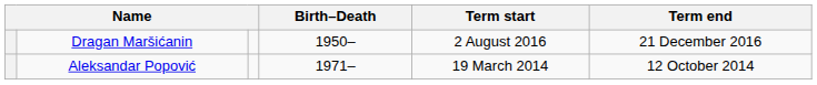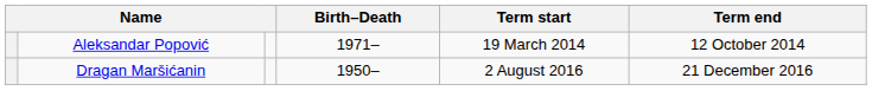 <table class="wikitable collapsible collapsed" style="text-align:center; width:71%; line-height:126%; margin-bottom:0">
 <tr>
 <th colspan="3">Name</th>
 <th>Birth–Death</th>
 <th>Term start</th>
 <th>Term end</th>
 </tr>
 <tr>
 <th style="background:"></th>
+<td><a href='#'>Aleksandar Popović</a></td>
+<td></td>
+<td>1971–</td>
+<td>19 March 2014</td>
+<td>12 October 2014</td>
+</tr>
+<tr>
+<th style="background:"></th>
 <td><a href='#'>Dragan Maršićanin</a></td>
 <td></td>
 <td>1950–</td>
 <td>2 August 2016</td>
 <td>21 December 2016</td>
 </tr>
-<tr>
-<th style="background:"></th>
-<td><a href='#'>Aleksandar Popović</a></td>
-<td></td>
-<td>1971–</td>
-<td>19 March 2014</td>
-<td>12 October 2014</td>
-</tr>
 </table>
